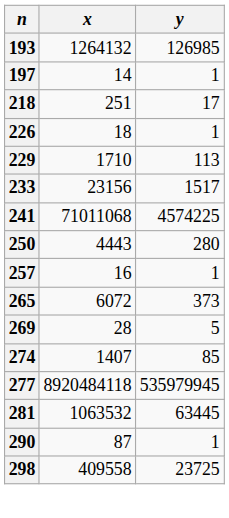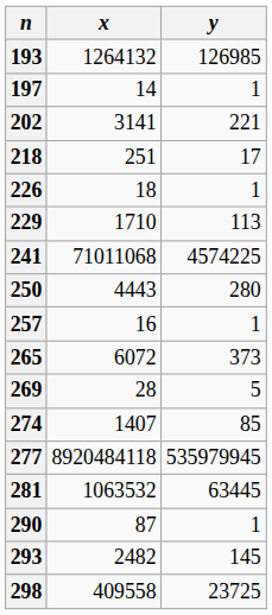 <table class="wikitable" style="text-align: right; display: inline-table;">
 <tr>
 <th><em>n</em></th>
 <th><em>x</em></th>
 <th><em>y</em></th>
 </tr>
 <tr>
 <th>193</th>
 <td>1264132</td>
 <td>126985</td>
 </tr>
 <tr>
 <th>197</th>
 <td>14</td>
 <td>1</td>
 </tr>
 <tr>
+<th>202</th>
+<td>3141</td>
+<td>221</td>
+</tr>
+<tr>
 <th>218</th>
 <td>251</td>
 <td>17</td>
 </tr>
 <tr>
 <th>226</th>
 <td>18</td>
 <td>1</td>
 </tr>
 <tr>
 <th>229</th>
 <td>1710</td>
 <td>113</td>
-</tr>
-<tr>
-<th>233</th>
-<td>23156</td>
-<td>1517</td>
 </tr>
 <tr>
 <th>241</th>
 <td>71011068</td>
 <td>4574225</td>
 </tr>
 <tr>
 <th>250</th>
 <td>4443</td>
 <td>280</td>
 </tr>
 <tr>
 <th>257</th>
 <td>16</td>
 <td>1</td>
 </tr>
 <tr>
 <th>265</th>
 <td>6072</td>
 <td>373</td>
 </tr>
 <tr>
 <th>269</th>
 <td>28</td>
 <td>5</td>
 </tr>
 <tr>
 <th>274</th>
 <td>1407</td>
 <td>85</td>
 </tr>
 <tr>
 <th>277</th>
 <td>8920484118</td>
 <td>535979945</td>
 </tr>
 <tr>
 <th>281</th>
 <td>1063532</td>
 <td>63445</td>
 </tr>
 <tr>
 <th>290</th>
 <td>87</td>
 <td>1</td>
 </tr>
 <tr>
+<th>293</th>
+<td>2482</td>
+<td>145</td>
+</tr>
+<tr>
 <th>298</th>
 <td>409558</td>
 <td>23725</td>
 </tr>
 </table>
